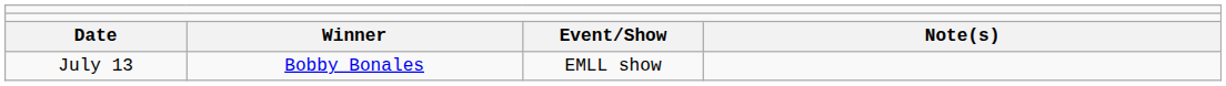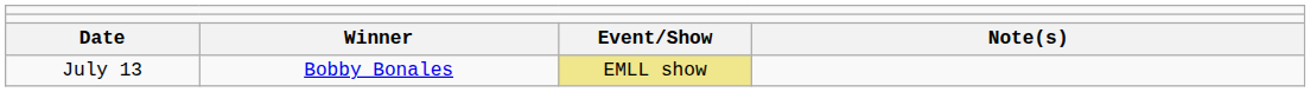 <table class="wikitable" style="text-align:center; width:100%;">
 <tr>
 <td colspan=5></td>
 </tr>
 <tr>
 <td colspan=5><strong></strong></td>
 </tr>
 <tr>
 <th width=14%>Date</th>
 <th width=26%>Winner</th>
 <th width=14%>Event/Show</th>
 <th width=40%>Note(s)</th>
 </tr>
 <tr>
 <td>July 13</td>
 <td><a href='#'>Bobby Bonales</a></td>
-<td>EMLL show</td>
+<td style="background: khaki;">EMLL show</td>
 <td align=left></td>
 </tr>
 </table>
